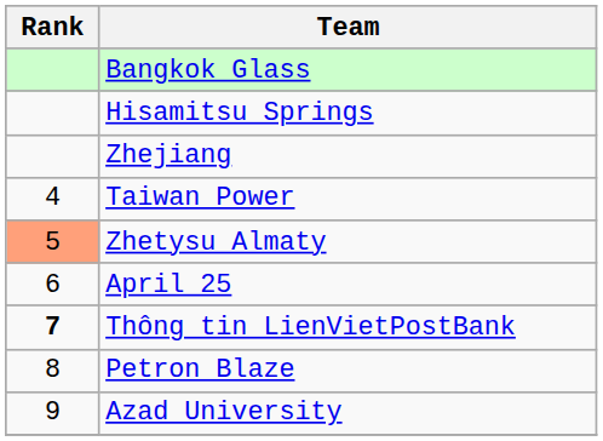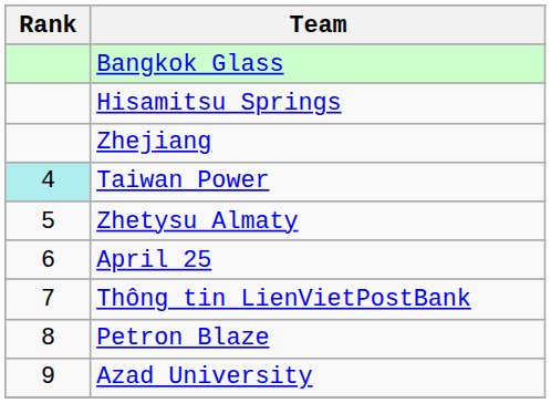 <table class="wikitable" style="text-align: center;">
 <tr>
 <th width=40>Rank</th>
 <th width=240>Team</th>
 </tr>
 <tr bgcolor=#CCFFCC>
 <td></td>
 <td align="left"> <a href='#'>Bangkok Glass</a></td>
 </tr>
 <tr>
 <td></td>
 <td align="left"> <a href='#'>Hisamitsu Springs</a></td>
 </tr>
 <tr>
 <td></td>
 <td align="left"> <a href='#'>Zhejiang</a></td>
 </tr>
 <tr>
-<td>4</td>
+<td style="background: paleturquoise;">4</td>
 <td align="left"> <a href='#'>Taiwan Power</a></td>
 </tr>
 <tr>
-<td style="background: lightsalmon;">5</td>
+<td>5</td>
 <td align="left"> <a href='#'>Zhetysu Almaty</a></td>
 </tr>
 <tr>
 <td>6</td>
 <td align="left"> <a href='#'>April 25</a></td>
 </tr>
 <tr>
-<td><strong>7</strong></td>
+<td>7</td>
 <td align="left"> <a href='#'>Thông tin LienVietPostBank</a></td>
 </tr>
 <tr>
 <td>8</td>
 <td align="left"> <a href='#'>Petron Blaze</a></td>
 </tr>
 <tr>
 <td>9</td>
 <td align="left"> <a href='#'>Azad University</a></td>
 </tr>
 <tr>
 </tr>
 </table>
